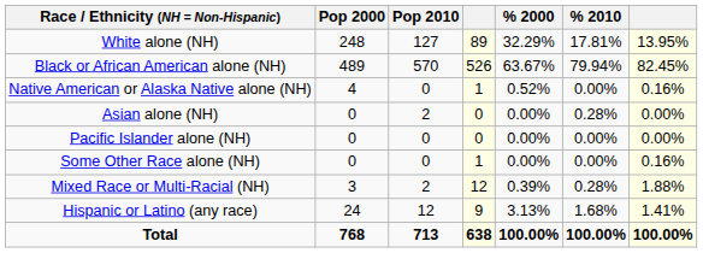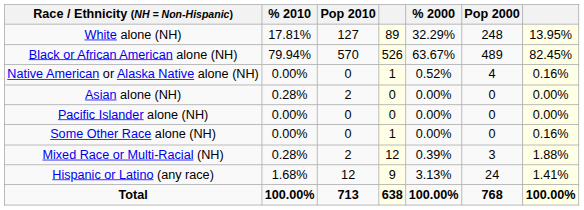 <table class="wikitable" style="text-align:center;">
 <tr>
 <th>Race / Ethnicity <small>(<em>NH = Non-Hispanic</em>)</small></th>
-<th>Pop 2000</th>
+<th>% 2010</th>
 <th>Pop 2010</th>
 <th></th>
 <th>% 2000</th>
-<th>% 2010</th>
+<th>Pop 2000</th>
 <th></th>
 </tr>
 <tr>
 <td><a href='#'>White</a> alone (NH)</td>
-<td>248</td>
+<td>17.81%</td>
 <td>127</td>
 <td style='background: #ffffe6;'>89</td>
 <td>32.29%</td>
-<td>17.81%</td>
+<td>248</td>
 <td style='background: #ffffe6;'>13.95%</td>
 </tr>
 <tr>
 <td><a href='#'>Black or African American</a> alone (NH)</td>
-<td>489</td>
+<td>79.94%</td>
 <td>570</td>
 <td style='background: #ffffe6;'>526</td>
 <td>63.67%</td>
-<td>79.94%</td>
+<td>489</td>
 <td style='background: #ffffe6;'>82.45%</td>
 </tr>
 <tr>
 <td><a href='#'>Native American</a> or <a href='#'>Alaska Native</a> alone (NH)</td>
-<td>4</td>
+<td>0.00%</td>
 <td>0</td>
 <td style='background: #ffffe6;'>1</td>
 <td>0.52%</td>
-<td>0.00%</td>
+<td>4</td>
 <td style='background: #ffffe6;'>0.16%</td>
 </tr>
 <tr>
 <td><a href='#'>Asian</a> alone (NH)</td>
-<td>0</td>
+<td>0.28%</td>
 <td>2</td>
 <td style='background: #ffffe6;'>0</td>
 <td>0.00%</td>
-<td>0.28%</td>
+<td>0</td>
 <td style='background: #ffffe6;'>0.00%</td>
 </tr>
 <tr>
 <td><a href='#'>Pacific Islander</a> alone (NH)</td>
-<td>0</td>
+<td>0.00%</td>
 <td>0</td>
 <td style='background: #ffffe6;'>0</td>
 <td>0.00%</td>
-<td>0.00%</td>
+<td>0</td>
 <td style='background: #ffffe6;'>0.00%</td>
 </tr>
 <tr>
 <td><a href='#'>Some Other Race</a> alone (NH)</td>
-<td>0</td>
+<td>0.00%</td>
 <td>0</td>
 <td style='background: #ffffe6;'>1</td>
 <td>0.00%</td>
-<td>0.00%</td>
+<td>0</td>
 <td style='background: #ffffe6;'>0.16%</td>
 </tr>
 <tr>
 <td><a href='#'>Mixed Race or Multi-Racial</a> (NH)</td>
-<td>3</td>
+<td>0.28%</td>
 <td>2</td>
 <td style='background: #ffffe6;'>12</td>
 <td>0.39%</td>
-<td>0.28%</td>
+<td>3</td>
 <td style='background: #ffffe6;'>1.88%</td>
 </tr>
 <tr>
 <td><a href='#'>Hispanic or Latino</a> (any race)</td>
-<td>24</td>
+<td>1.68%</td>
 <td>12</td>
 <td style='background: #ffffe6;'>9</td>
 <td>3.13%</td>
-<td>1.68%</td>
+<td>24</td>
 <td style='background: #ffffe6;'>1.41%</td>
 </tr>
 <tr>
 <td><strong>Total</strong></td>
-<td><strong>768</strong></td>
+<td><strong>100.00%</strong></td>
 <td><strong>713</strong></td>
 <td style='background: #ffffe6;'><strong>638</strong></td>
 <td><strong>100.00%</strong></td>
-<td><strong>100.00%</strong></td>
+<td><strong>768</strong></td>
 <td style='background: #ffffe6;'><strong>100.00%</strong></td>
 </tr>
 </table>
